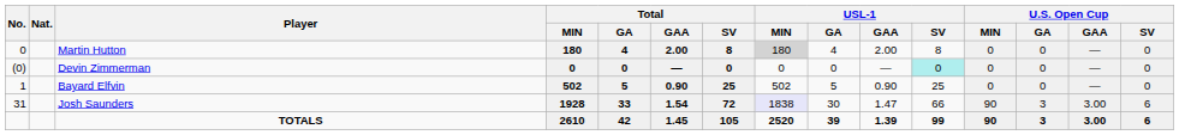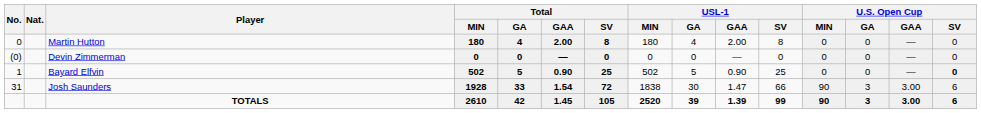 <table class="wikitable" style="font-size:95%; text-align:center;">
 <tr>
 <th rowspan="2" width="1%">No.</th>
 <th rowspan="2" width="1%">Nat.</th>
 <th rowspan="2" width="42%">Player</th>
 <th colspan="4">Total</th>
 <th colspan="4"><a href='#'>USL-1</a></th>
 <th colspan="4"><a href='#'>U.S. Open Cup</a></th>
 </tr>
 <tr>
 <th width=60>MIN</th>
 <th width=60>GA</th>
 <th width=60>GAA</th>
 <th width=60>SV</th>
 <th width=60>MIN</th>
 <th width=60>GA</th>
 <th width=60>GAA</th>
 <th width=60>SV</th>
 <th width=60>MIN</th>
 <th width=60>GA</th>
 <th width=60>GAA</th>
 <th width=60>SV</th>
 </tr>
 <tr>
 <td style="text-align: right;">0</td>
 <td></td>
 <td style="text-align: left;"><a href='#'>Martin Hutton</a></td>
 <td style="background: #F0F0F0;"><strong>180</strong></td>
 <td style="background: #F0F0F0;"><strong>4</strong></td>
 <td style="background: #F0F0F0;"><strong>2.00</strong></td>
 <td style="background: #F0F0F0;"><strong>8</strong></td>
-<td style="background: lightgrey;">180</td>
+<td>180</td>
 <td>4</td>
 <td>2.00</td>
 <td>8</td>
 <td style="background: #F0F0F0;">0</td>
 <td style="background: #F0F0F0;">0</td>
 <td style="background: #F0F0F0;">—</td>
 <td style="background: #F0F0F0;">0</td>
 </tr>
 <tr>
 <td style="text-align: right;">(0)</td>
 <td></td>
 <td style="text-align: left;"><a href='#'>Devin Zimmerman</a></td>
 <td style="background: #F0F0F0;"><strong>0</strong></td>
 <td style="background: #F0F0F0;"><strong>0</strong></td>
 <td style="background: #F0F0F0;"><strong>—</strong></td>
 <td style="background: #F0F0F0;"><strong>0</strong></td>
 <td>0</td>
 <td>0</td>
 <td>—</td>
-<td style="background: paleturquoise;">0</td>
+<td>0</td>
 <td style="background: #F0F0F0;">0</td>
 <td style="background: #F0F0F0;">0</td>
 <td style="background: #F0F0F0;">—</td>
 <td style="background: #F0F0F0;">0</td>
 </tr>
 <tr>
 <td style="text-align: right;">1</td>
 <td></td>
 <td style="text-align: left;"><a href='#'>Bayard Elfvin</a></td>
 <td style="background: #F0F0F0;"><strong>502</strong></td>
 <td style="background: #F0F0F0;"><strong>5</strong></td>
 <td style="background: #F0F0F0;"><strong>0.90</strong></td>
 <td style="background: #F0F0F0;"><strong>25</strong></td>
 <td>502</td>
 <td>5</td>
 <td>0.90</td>
 <td>25</td>
 <td style="background: #F0F0F0;">0</td>
 <td style="background: #F0F0F0;">0</td>
 <td style="background: #F0F0F0;">—</td>
-<td style="background: #F0F0F0;">0</td>
+<td style="background: #F0F0F0;"><strong>0</strong></td>
 </tr>
 <tr>
 <td style="text-align: right;">31</td>
 <td></td>
 <td style="text-align: left;"><a href='#'>Josh Saunders</a></td>
 <td style="background: #F0F0F0;"><strong>1928</strong></td>
 <td style="background: #F0F0F0;"><strong>33</strong></td>
 <td style="background: #F0F0F0;"><strong>1.54</strong></td>
 <td style="background: #F0F0F0;"><strong>72</strong></td>
-<td style="background: lavender;">1838</td>
+<td>1838</td>
 <td>30</td>
 <td>1.47</td>
 <td>66</td>
 <td style="background: #F0F0F0;">90</td>
 <td style="background: #F0F0F0;">3</td>
 <td style="background: #F0F0F0;">3.00</td>
 <td style="background: #F0F0F0;">6</td>
 </tr>
 <tr>
 <td></td>
 <td></td>
 <td><strong>TOTALS</strong></td>
 <td style="background: #F0F0F0;"><strong>2610</strong></td>
 <td style="background: #F0F0F0;"><strong>42</strong></td>
 <td style="background: #F0F0F0;"><strong>1.45</strong></td>
 <td style="background: #F0F0F0;"><strong>105</strong></td>
 <td><strong>2520</strong></td>
 <td><strong>39</strong></td>
 <td><strong>1.39</strong></td>
 <td><strong>99</strong></td>
 <td style="background: #F0F0F0;"><strong>90</strong></td>
 <td style="background: #F0F0F0;"><strong>3</strong></td>
 <td style="background: #F0F0F0;"><strong>3.00</strong></td>
 <td style="background: #F0F0F0;"><strong>6</strong></td>
 </tr>
 </table>
